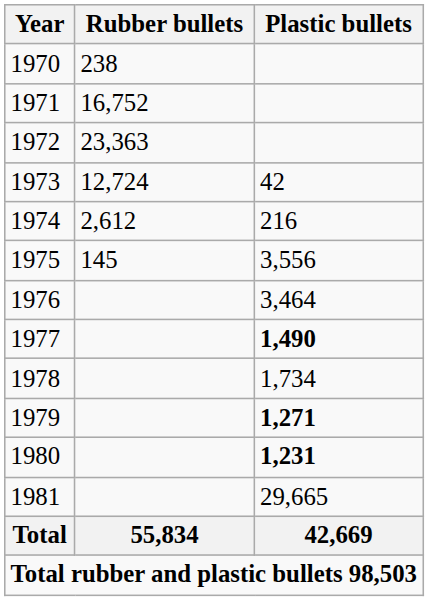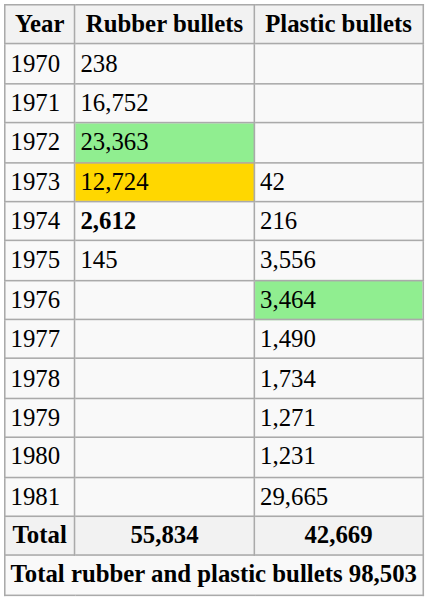 <table class="wikitable floatright">
 <tr>
 <th>Year</th>
 <th>Rubber bullets</th>
 <th>Plastic bullets</th>
 </tr>
 <tr>
 <td>1970</td>
 <td>238</td>
 <td></td>
 </tr>
 <tr>
 <td>1971</td>
 <td>16,752</td>
 <td></td>
 </tr>
 <tr>
 <td>1972</td>
-<td>23,363</td>
+<td style="background: lightgreen;">23,363</td>
 <td></td>
 </tr>
 <tr>
 <td>1973</td>
-<td>12,724</td>
+<td style="background: gold;">12,724</td>
 <td>42</td>
 </tr>
 <tr>
 <td>1974</td>
-<td>2,612</td>
+<td><strong>2,612</strong></td>
 <td>216</td>
 </tr>
 <tr>
 <td>1975</td>
 <td>145</td>
 <td>3,556</td>
 </tr>
 <tr>
 <td>1976</td>
 <td></td>
-<td>3,464</td>
+<td style="background: lightgreen;">3,464</td>
 </tr>
 <tr>
 <td>1977</td>
 <td></td>
-<td><strong>1,490</strong></td>
+<td>1,490</td>
 </tr>
 <tr>
 <td>1978</td>
 <td></td>
 <td>1,734</td>
 </tr>
 <tr>
 <td>1979</td>
 <td></td>
-<td><strong>1,271</strong></td>
+<td>1,271</td>
 </tr>
 <tr>
 <td>1980</td>
 <td></td>
-<td><strong>1,231</strong></td>
+<td>1,231</td>
 </tr>
 <tr>
 <td>1981</td>
 <td></td>
 <td>29,665</td>
 </tr>
 <tr>
 <th>Total</th>
 <th>55,834</th>
 <th>42,669</th>
 </tr>
 <tr>
 <td colspan="3" style="text-align:center; font-size: normal;"><strong>Total rubber and plastic bullets 98,503</strong></td>
 </tr>
 </table>
